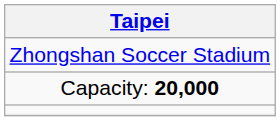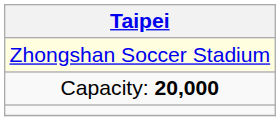 <table class="wikitable" style="text-align:center">
 <tr>
 <th><a href='#'>Taipei</a></th>
 </tr>
 <tr>
-<td><a href='#'>Zhongshan Soccer Stadium</a></td>
+<td style="background: lightyellow;"><a href='#'>Zhongshan Soccer Stadium</a></td>
 </tr>
 <tr>
 <td>Capacity: <strong>20,000</strong></td>
 </tr>
 <tr>
 <td></td>
 </tr>
 <tr>
 </tr>
 </table>
